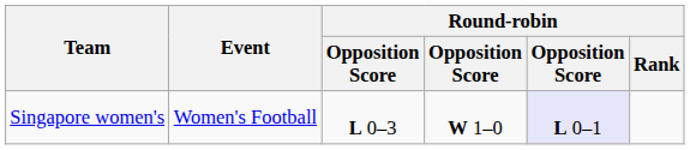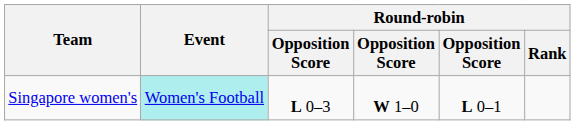 <table class="wikitable">
 <tr>
 <th rowspan="2">Team</th>
 <th rowspan="2">Event</th>
 <th colspan="4">Round-robin</th>
 </tr>
 <tr>
 <th>Opposition<br>Score</th>
 <th>Opposition<br>Score</th>
 <th>Opposition<br>Score</th>
 <th>Rank</th>
 </tr>
 <tr align="center">
 <td><a href='#'>Singapore women's</a></td>
-<td align="left"><a href='#'>Women's Football</a></td>
+<td align="left" style="background: paleturquoise;"><a href='#'>Women's Football</a></td>
 <td><br> <strong>L</strong> 0–3</td>
 <td><br><strong>W</strong> 1–0</td>
-<td style="background: lavender;"><br><strong>L</strong> 0–1</td>
+<td><br><strong>L</strong> 0–1</td>
 <td></td>
 </tr>
 </table>
